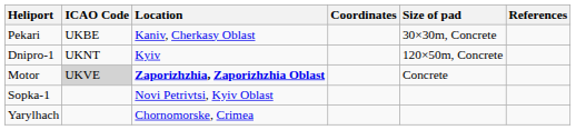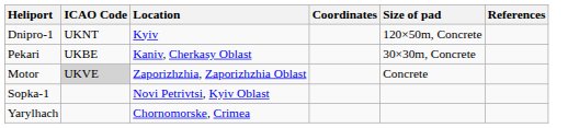 <table class="wikitable sortable">
 <tr valign=baseline>
 <th style="text-align:left;">Heliport</th>
 <th style="text-align:center;">ICAO Code</th>
 <th style="text-align:left">Location</th>
 <th style="text-align:center;">Coordinates</th>
 <th style="text-align:left;">Size of pad</th>
 <th style="text-align:center;">References</th>
 </tr>
 <tr>
+<td>Dnipro-1 <br></td>
+<td>UKNT</td>
+<td><a href='#'>Kyiv</a></td>
+<td></td>
+<td>120×50m, Concrete</td>
+<td></td>
+</tr>
+<tr>
 <td>Pekari <br></td>
 <td>UKBE</td>
 <td><a href='#'>Kaniv</a>, <a href='#'>Cherkasy Oblast</a></td>
 <td></td>
 <td>30×30m, Concrete</td>
 <td></td>
 </tr>
 <tr>
-<td>Dnipro-1 <br></td>
-<td>UKNT</td>
-<td><a href='#'>Kyiv</a></td>
-<td></td>
-<td>120×50m, Concrete</td>
-<td></td>
-</tr>
-<tr>
 <td>Motor <br></td>
 <td style="background: lightgrey;">UKVE</td>
-<td><strong><a href='#'>Zaporizhzhia</a>, <a href='#'>Zaporizhzhia Oblast</a></strong></td>
+<td><a href='#'>Zaporizhzhia</a>, <a href='#'>Zaporizhzhia Oblast</a></td>
 <td></td>
 <td>Concrete</td>
 <td></td>
 </tr>
 <tr>
 <td>Sopka-1</td>
 <td></td>
 <td><a href='#'>Novi Petrivtsi</a>, <a href='#'>Kyiv Oblast</a></td>
 <td></td>
 <td></td>
 <td></td>
 </tr>
 <tr>
 <td>Yarylhach</td>
 <td></td>
 <td><a href='#'>Chornomorske</a>, <a href='#'>Crimea</a></td>
 <td></td>
 <td></td>
 <td></td>
 </tr>
 </table>
